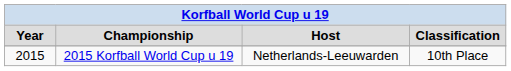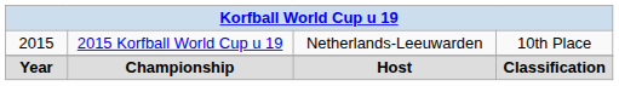 <table class="wikitable" style=font-size:90%>
 <tr align=center style="background:#ccddee;">
 <td colspan=4><strong><a href='#'>Korfball World Cup u 19</a>   </strong></td>
+</tr>
+<tr align=center>
+<td>2015</td>
+<td><a href='#'>2015 Korfball World Cup u 19</a></td>
+<td>Netherlands-Leeuwarden</td>
+<td align="center">10th Place</td>
+</tr>
+<tr align=center>
 </tr>
 <tr align=center bgcolor="#dddddd">
 <td width=50><strong>Year</strong></td>
 <td width=200><strong>Championship</strong></td>
 <td width=180><strong>Host</strong></td>
 <td width=100><strong>Classification</strong></td>
 </tr>
-<tr align=center>
-</tr>
-<tr align=center>
-<td>2015</td>
-<td><a href='#'>2015 Korfball World Cup u 19</a></td>
-<td>Netherlands-Leeuwarden</td>
-<td align="center">10th Place</td>
-</tr>
 </table>
